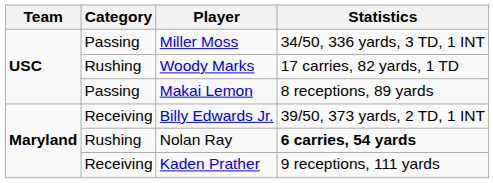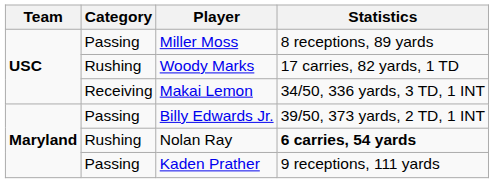 <table class="wikitable" style="float: right;">
 <tr>
 <th>Team</th>
 <th>Category</th>
 <th>Player</th>
 <th>Statistics</th>
 </tr>
 <tr>
 <td rowspan=3><strong>USC</strong></td>
 <td>Passing</td>
 <td><a href='#'>Miller Moss</a></td>
-<td>34/50, 336 yards, 3 TD, 1 INT</td>
+<td>8 receptions, 89 yards</td>
 </tr>
 <tr>
 <td>Rushing</td>
 <td><a href='#'>Woody Marks</a></td>
 <td>17 carries, 82 yards, 1 TD</td>
 </tr>
 <tr>
-<td>Passing</td>
+<td>Receiving</td>
 <td><a href='#'>Makai Lemon</a></td>
-<td>8 receptions, 89 yards</td>
+<td>34/50, 336 yards, 3 TD, 1 INT</td>
 </tr>
 <tr>
 <td rowspan=3><strong>Maryland</strong></td>
-<td>Receiving</td>
+<td>Passing</td>
 <td><a href='#'>Billy Edwards Jr.</a></td>
 <td>39/50, 373 yards, 2 TD, 1 INT</td>
 </tr>
 <tr>
 <td>Rushing</td>
 <td>Nolan Ray</td>
 <td><strong>6 carries, 54 yards</strong></td>
 </tr>
 <tr>
-<td>Receiving</td>
+<td>Passing</td>
 <td><a href='#'>Kaden Prather</a></td>
 <td>9 receptions, 111 yards</td>
 </tr>
 </table>
